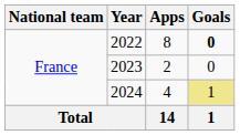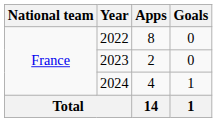 <table class="wikitable" style="text-align: center;">
 <tr>
 <th>National team</th>
 <th>Year</th>
 <th>Apps</th>
 <th>Goals</th>
 </tr>
 <tr>
 <td rowspan="3"><a href='#'>France</a></td>
 <td>2022</td>
 <td>8</td>
-<td><strong>0</strong></td>
+<td>0</td>
 </tr>
 <tr>
 <td>2023</td>
 <td>2</td>
 <td>0</td>
 </tr>
 <tr>
 <td>2024</td>
 <td>4</td>
-<td style="background: khaki;">1</td>
+<td>1</td>
 </tr>
 <tr>
 <th colspan="2">Total</th>
 <th>14</th>
 <th>1</th>
 </tr>
 </table>
